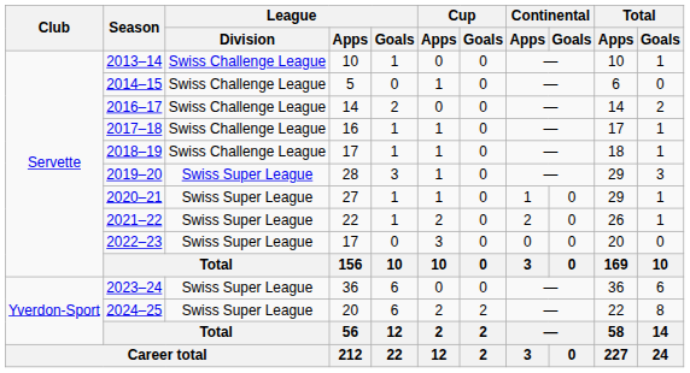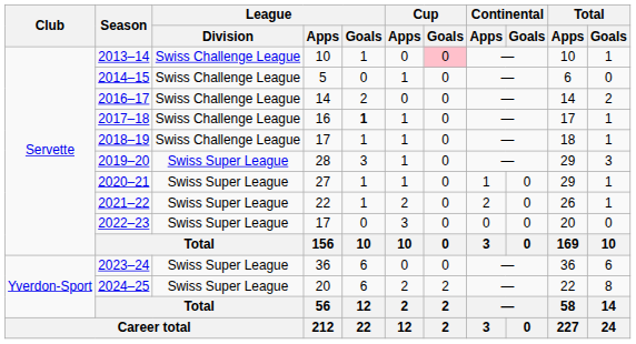 <table class="wikitable" style="text-align:center">
 <tr>
 <th rowspan="2">Club</th>
 <th rowspan="2">Season</th>
 <th colspan="3">League</th>
 <th colspan="2">Cup</th>
 <th colspan="2">Continental</th>
 <th colspan="2">Total</th>
 </tr>
 <tr>
 <th>Division</th>
 <th>Apps</th>
 <th>Goals</th>
 <th>Apps</th>
 <th>Goals</th>
 <th>Apps</th>
 <th>Goals</th>
 <th>Apps</th>
 <th>Goals</th>
 </tr>
 <tr>
 <td rowspan="10"><a href='#'>Servette</a></td>
 <td><a href='#'>2013–14</a></td>
 <td><a href='#'>Swiss Challenge League</a></td>
 <td>10</td>
 <td>1</td>
 <td>0</td>
-<td>0</td>
+<td style="background: pink;">0</td>
 <td colspan="2">—</td>
 <td>10</td>
 <td>1</td>
 </tr>
 <tr>
 <td><a href='#'>2014–15</a></td>
 <td>Swiss Challenge League</td>
 <td>5</td>
 <td>0</td>
 <td>1</td>
 <td>0</td>
 <td colspan="2">—</td>
 <td>6</td>
 <td>0</td>
 </tr>
 <tr>
 <td><a href='#'>2016–17</a></td>
 <td>Swiss Challenge League</td>
 <td>14</td>
 <td>2</td>
 <td>0</td>
 <td>0</td>
 <td colspan="2">—</td>
 <td>14</td>
 <td>2</td>
 </tr>
 <tr>
 <td><a href='#'>2017–18</a></td>
 <td>Swiss Challenge League</td>
 <td>16</td>
-<td>1</td>
+<td><strong>1</strong></td>
 <td>1</td>
 <td>0</td>
 <td colspan="2">—</td>
 <td>17</td>
 <td>1</td>
 </tr>
 <tr>
 <td><a href='#'>2018–19</a></td>
 <td>Swiss Challenge League</td>
 <td>17</td>
 <td>1</td>
 <td>1</td>
 <td>0</td>
 <td colspan="2">—</td>
 <td>18</td>
 <td>1</td>
 </tr>
 <tr>
 <td><a href='#'>2019–20</a></td>
 <td><a href='#'>Swiss Super League</a></td>
 <td>28</td>
 <td>3</td>
 <td>1</td>
 <td>0</td>
 <td colspan="2">—</td>
 <td>29</td>
 <td>3</td>
 </tr>
 <tr>
 <td><a href='#'>2020–21</a></td>
 <td>Swiss Super League</td>
 <td>27</td>
 <td>1</td>
 <td>1</td>
 <td>0</td>
 <td>1</td>
 <td>0</td>
 <td>29</td>
 <td>1</td>
 </tr>
 <tr>
 <td><a href='#'>2021–22</a></td>
 <td>Swiss Super League</td>
 <td>22</td>
 <td>1</td>
 <td>2</td>
 <td>0</td>
 <td>2</td>
 <td>0</td>
 <td>26</td>
 <td>1</td>
 </tr>
 <tr>
 <td><a href='#'>2022–23</a></td>
 <td>Swiss Super League</td>
 <td>17</td>
 <td>0</td>
 <td>3</td>
 <td>0</td>
 <td>0</td>
 <td>0</td>
 <td>20</td>
 <td>0</td>
 </tr>
 <tr>
 <th colspan="2">Total</th>
 <th>156</th>
 <th>10</th>
 <th>10</th>
 <th>0</th>
 <th>3</th>
 <th>0</th>
 <th>169</th>
 <th>10</th>
 </tr>
 <tr>
 <td rowspan="3"><a href='#'>Yverdon-Sport</a></td>
 <td><a href='#'>2023–24</a></td>
 <td>Swiss Super League</td>
 <td>36</td>
 <td>6</td>
 <td>0</td>
 <td>0</td>
 <td colspan="2">—</td>
 <td>36</td>
 <td>6</td>
 </tr>
 <tr>
 <td><a href='#'>2024–25</a></td>
 <td>Swiss Super League</td>
 <td>20</td>
 <td>6</td>
 <td>2</td>
 <td>2</td>
 <td colspan="2">—</td>
 <td>22</td>
 <td>8</td>
 </tr>
 <tr>
 <th colspan="2">Total</th>
 <th>56</th>
 <th>12</th>
 <th>2</th>
 <th>2</th>
 <th colspan="2">—</th>
 <th>58</th>
 <th>14</th>
 </tr>
 <tr>
 <th colspan="3">Career total</th>
 <th>212</th>
 <th>22</th>
 <th>12</th>
 <th>2</th>
 <th>3</th>
 <th>0</th>
 <th>227</th>
 <th>24</th>
 </tr>
 </table>
